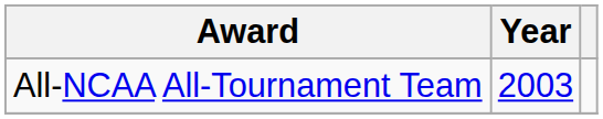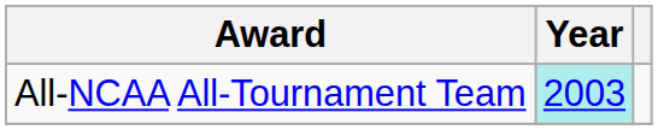 <table class="wikitable">
 <tr>
 <th>Award</th>
 <th>Year</th>
 <th></th>
 </tr>
 <tr>
 <td>All-<a href='#'>NCAA</a> <a href='#'>All-Tournament Team</a></td>
-<td><a href='#'>2003</a></td>
+<td style="background: paleturquoise;"><a href='#'>2003</a></td>
 <td></td>
 </tr>
 <tr>
 </tr>
 </table>
